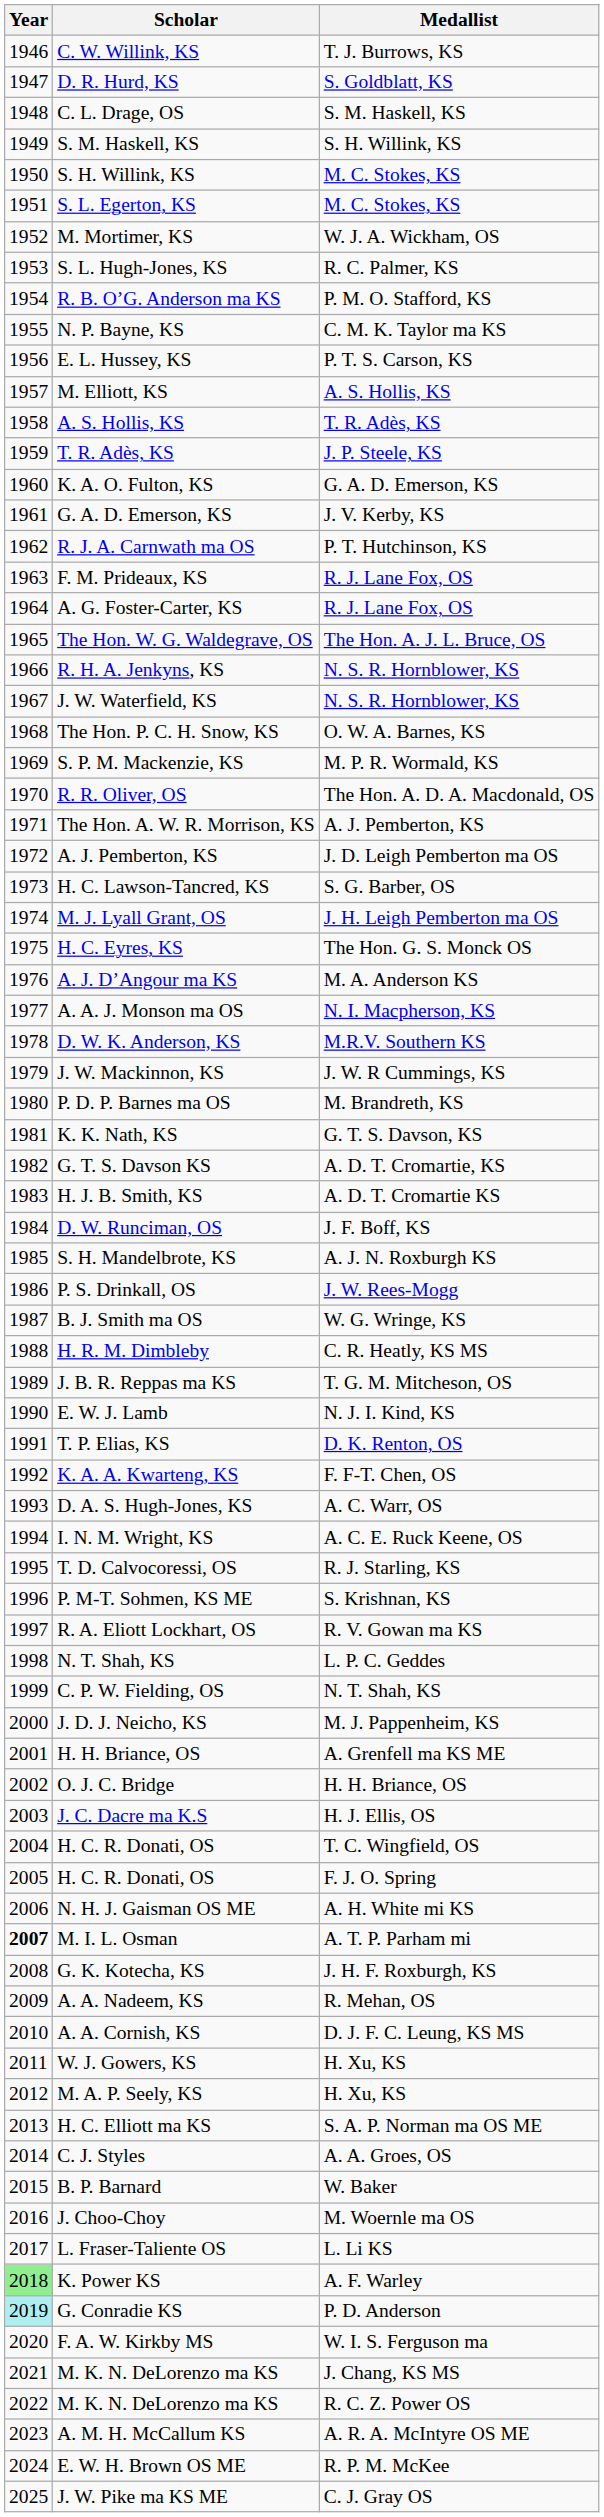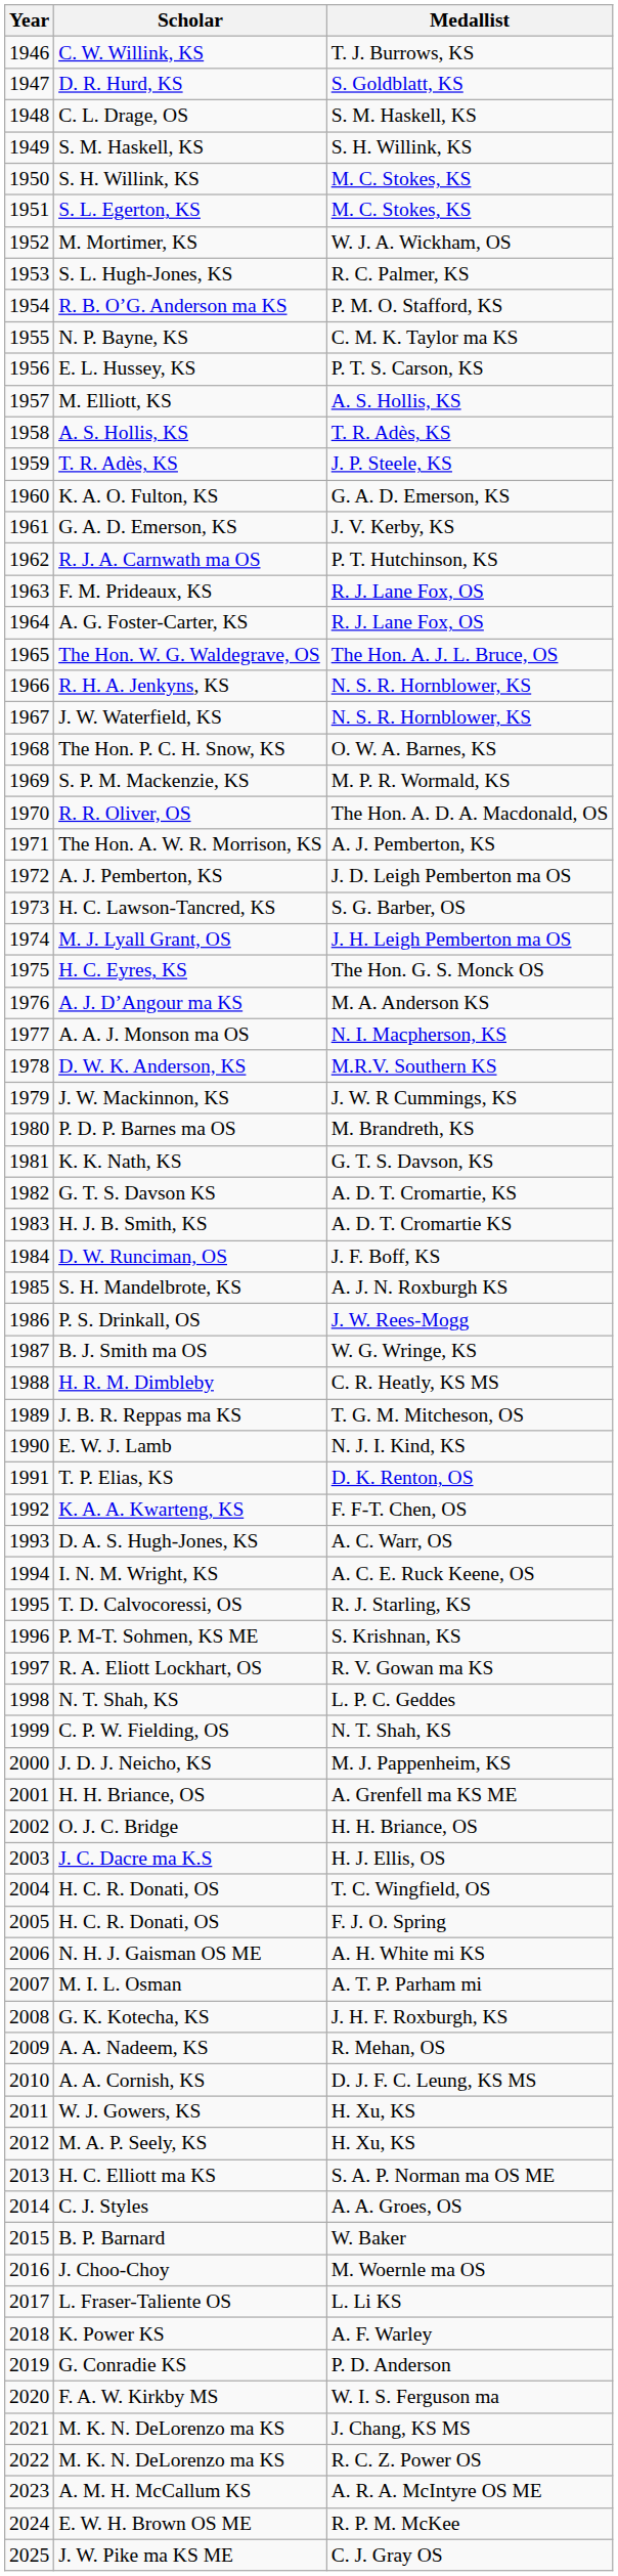 <table class="wikitable">
 <tr>
 <th>Year</th>
 <th>Scholar</th>
 <th>Medallist</th>
 </tr>
 <tr>
 <td>1946</td>
 <td><a href='#'>C. W. Willink, KS</a></td>
 <td>T. J. Burrows, KS</td>
 </tr>
 <tr>
 <td>1947</td>
 <td><a href='#'>D. R. Hurd, KS</a></td>
 <td><a href='#'>S. Goldblatt, KS</a></td>
 </tr>
 <tr>
 <td>1948</td>
 <td>C. L. Drage, OS</td>
 <td>S. M. Haskell, KS</td>
 </tr>
 <tr>
 <td>1949</td>
 <td>S. M. Haskell, KS</td>
 <td>S. H. Willink, KS</td>
 </tr>
 <tr>
 <td>1950</td>
 <td>S. H. Willink, KS</td>
 <td><a href='#'>M. C. Stokes, KS</a></td>
 </tr>
 <tr>
 <td>1951</td>
 <td><a href='#'>S. L. Egerton, KS</a></td>
 <td><a href='#'>M. C. Stokes, KS</a></td>
 </tr>
 <tr>
 <td>1952</td>
 <td>M. Mortimer, KS</td>
 <td>W. J. A. Wickham, OS</td>
 </tr>
 <tr>
 <td>1953</td>
 <td>S. L. Hugh-Jones, KS</td>
 <td>R. C. Palmer, KS</td>
 </tr>
 <tr>
 <td>1954</td>
 <td><a href='#'>R. B. O’G. Anderson ma KS</a></td>
 <td>P. M. O. Stafford, KS</td>
 </tr>
 <tr>
 <td>1955</td>
 <td>N. P. Bayne, KS</td>
 <td>C. M. K. Taylor ma KS</td>
 </tr>
 <tr>
 <td>1956</td>
 <td>E. L. Hussey, KS</td>
 <td>P. T. S. Carson, KS</td>
 </tr>
 <tr>
 <td>1957</td>
 <td>M. Elliott, KS</td>
 <td><a href='#'>A. S. Hollis, KS</a></td>
 </tr>
 <tr>
 <td>1958</td>
 <td><a href='#'>A. S. Hollis, KS</a></td>
 <td><a href='#'>T. R. Adès, KS</a></td>
 </tr>
 <tr>
 <td>1959</td>
 <td><a href='#'>T. R. Adès, KS</a></td>
 <td><a href='#'>J. P. Steele, KS</a></td>
 </tr>
 <tr>
 <td>1960</td>
 <td>K. A. O. Fulton, KS</td>
 <td>G. A. D. Emerson, KS</td>
 </tr>
 <tr>
 <td>1961</td>
 <td>G. A. D. Emerson, KS</td>
 <td>J. V. Kerby, KS</td>
 </tr>
 <tr>
 <td>1962</td>
 <td><a href='#'>R. J. A. Carnwath ma OS</a></td>
 <td>P. T. Hutchinson, KS</td>
 </tr>
 <tr>
 <td>1963</td>
 <td>F. M. Prideaux, KS</td>
 <td><a href='#'>R. J. Lane Fox, OS</a></td>
 </tr>
 <tr>
 <td>1964</td>
 <td>A. G. Foster-Carter, KS</td>
 <td><a href='#'>R. J. Lane Fox, OS</a></td>
 </tr>
 <tr>
 <td>1965</td>
 <td><a href='#'>The Hon. W. G. Waldegrave, OS</a></td>
 <td><a href='#'>The Hon. A. J. L. Bruce, OS</a></td>
 </tr>
 <tr>
 <td>1966</td>
 <td><a href='#'>R. H. A. Jenkyns</a>, KS</td>
 <td><a href='#'>N. S. R. Hornblower, KS</a></td>
 </tr>
 <tr>
 <td>1967</td>
 <td>J. W. Waterfield, KS</td>
 <td><a href='#'>N. S. R. Hornblower, KS</a></td>
 </tr>
 <tr>
 <td>1968</td>
 <td>The Hon. P. C. H. Snow, KS</td>
 <td>O. W. A. Barnes, KS</td>
 </tr>
 <tr>
 <td>1969</td>
 <td>S. P. M. Mackenzie, KS</td>
 <td>M. P. R. Wormald, KS</td>
 </tr>
 <tr>
 <td>1970</td>
 <td><a href='#'>R. R. Oliver, OS</a></td>
 <td>The Hon. A. D. A. Macdonald, OS</td>
 </tr>
 <tr>
 <td>1971</td>
 <td>The Hon. A. W. R. Morrison, KS</td>
 <td>A. J. Pemberton, KS</td>
 </tr>
 <tr>
 <td>1972</td>
 <td>A. J. Pemberton, KS</td>
 <td>J. D. Leigh Pemberton ma OS</td>
 </tr>
 <tr>
 <td>1973</td>
 <td>H. C. Lawson-Tancred, KS</td>
 <td>S. G. Barber, OS</td>
 </tr>
 <tr>
 <td>1974</td>
 <td><a href='#'>M. J. Lyall Grant, OS</a></td>
 <td><a href='#'>J. H. Leigh Pemberton ma OS</a></td>
 </tr>
 <tr>
 <td>1975</td>
 <td><a href='#'>H. C. Eyres, KS</a></td>
 <td>The Hon. G. S. Monck OS</td>
 </tr>
 <tr>
 <td>1976</td>
 <td><a href='#'>A. J. D’Angour ma KS</a></td>
 <td>M. A. Anderson KS</td>
 </tr>
 <tr>
 <td>1977</td>
 <td>A. A. J. Monson ma OS</td>
 <td><a href='#'>N. I. Macpherson, KS</a></td>
 </tr>
 <tr>
 <td>1978</td>
 <td><a href='#'>D. W. K. Anderson, KS</a></td>
 <td><a href='#'>M.R.V. Southern KS</a></td>
 </tr>
 <tr>
 <td>1979</td>
 <td>J. W. Mackinnon, KS</td>
 <td>J. W. R Cummings, KS</td>
 </tr>
 <tr>
 <td>1980</td>
 <td>P. D. P. Barnes ma OS</td>
 <td>M. Brandreth, KS</td>
 </tr>
 <tr>
 <td>1981</td>
 <td>K. K. Nath, KS</td>
 <td>G. T. S. Davson, KS</td>
 </tr>
 <tr>
 <td>1982</td>
 <td>G. T. S. Davson KS</td>
 <td>A. D. T. Cromartie, KS</td>
 </tr>
 <tr>
 <td>1983</td>
 <td>H. J. B. Smith, KS</td>
 <td>A. D. T. Cromartie KS</td>
 </tr>
 <tr>
 <td>1984</td>
 <td><a href='#'>D. W. Runciman, OS</a></td>
 <td>J. F. Boff, KS</td>
 </tr>
 <tr>
 <td>1985</td>
 <td>S. H. Mandelbrote, KS</td>
 <td>A. J. N. Roxburgh KS</td>
 </tr>
 <tr>
 <td>1986</td>
 <td>P. S. Drinkall, OS</td>
 <td><a href='#'>J. W. Rees-Mogg</a></td>
 </tr>
 <tr>
 <td>1987</td>
 <td>B. J. Smith ma OS</td>
 <td>W. G. Wringe, KS</td>
 </tr>
 <tr>
 <td>1988</td>
 <td><a href='#'>H. R. M. Dimbleby</a></td>
 <td>C. R. Heatly, KS MS</td>
 </tr>
 <tr>
 <td>1989</td>
 <td>J. B. R. Reppas ma KS</td>
 <td>T. G. M. Mitcheson, OS</td>
 </tr>
 <tr>
 <td>1990</td>
 <td>E. W. J. Lamb</td>
 <td>N. J. I. Kind, KS</td>
 </tr>
 <tr>
 <td>1991</td>
 <td>T. P. Elias, KS</td>
 <td><a href='#'>D. K. Renton, OS</a></td>
 </tr>
 <tr>
 <td>1992</td>
 <td><a href='#'>K. A. A. Kwarteng, KS</a></td>
 <td>F. F-T. Chen, OS</td>
 </tr>
 <tr>
 <td>1993</td>
 <td>D. A. S. Hugh-Jones, KS</td>
 <td>A. C. Warr, OS</td>
 </tr>
 <tr>
 <td>1994</td>
 <td>I. N. M. Wright, KS</td>
 <td>A. C. E. Ruck Keene, OS</td>
 </tr>
 <tr>
 <td>1995</td>
 <td>T. D. Calvocoressi, OS</td>
 <td>R. J. Starling, KS</td>
 </tr>
 <tr>
 <td>1996</td>
 <td>P. M-T. Sohmen, KS ME</td>
 <td>S. Krishnan, KS</td>
 </tr>
 <tr>
 <td>1997</td>
 <td>R. A. Eliott Lockhart, OS</td>
 <td>R. V. Gowan ma KS</td>
 </tr>
 <tr>
 <td>1998</td>
 <td>N. T. Shah, KS</td>
 <td>L. P. C. Geddes</td>
 </tr>
 <tr>
 <td>1999</td>
 <td>C. P. W. Fielding, OS</td>
 <td>N. T. Shah, KS</td>
 </tr>
 <tr>
 <td>2000</td>
 <td>J. D. J. Neicho, KS</td>
 <td>M. J. Pappenheim, KS</td>
 </tr>
 <tr>
 <td>2001</td>
 <td>H. H. Briance, OS</td>
 <td>A. Grenfell ma KS ME</td>
 </tr>
 <tr>
 <td>2002</td>
 <td>O. J. C. Bridge</td>
 <td>H. H. Briance, OS</td>
 </tr>
 <tr>
 <td>2003</td>
 <td><a href='#'>J. C. Dacre ma K.S</a></td>
 <td>H. J. Ellis, OS</td>
 </tr>
 <tr>
 <td>2004</td>
 <td>H. C. R. Donati, OS</td>
 <td>T. C. Wingfield, OS</td>
 </tr>
 <tr>
 <td>2005</td>
 <td>H. C. R. Donati, OS</td>
 <td>F. J. O. Spring</td>
 </tr>
 <tr>
 <td>2006</td>
 <td>N. H. J. Gaisman OS ME</td>
 <td>A. H. White mi KS</td>
 </tr>
 <tr>
-<td><strong>2007</strong></td>
+<td>2007</td>
 <td>M. I. L. Osman</td>
 <td>A. T. P. Parham mi</td>
 </tr>
 <tr>
 <td>2008</td>
 <td>G. K. Kotecha, KS</td>
 <td>J. H. F. Roxburgh, KS</td>
 </tr>
 <tr>
 <td>2009</td>
 <td>A. A. Nadeem, KS</td>
 <td>R. Mehan, OS</td>
 </tr>
 <tr>
 <td>2010</td>
 <td>A. A. Cornish, KS</td>
 <td>D. J. F. C. Leung, KS MS</td>
 </tr>
 <tr>
 <td>2011</td>
 <td>W. J. Gowers, KS</td>
 <td>H. Xu, KS</td>
 </tr>
 <tr>
 <td>2012</td>
 <td>M. A. P. Seely, KS</td>
 <td>H. Xu, KS</td>
 </tr>
 <tr>
 <td>2013</td>
 <td>H. C. Elliott ma KS</td>
 <td>S. A. P. Norman ma OS ME</td>
 </tr>
 <tr>
 <td>2014</td>
 <td>C. J. Styles</td>
 <td>A. A. Groes, OS</td>
 </tr>
 <tr>
 <td>2015</td>
 <td>B. P. Barnard</td>
 <td>W. Baker</td>
 </tr>
 <tr>
 <td>2016</td>
 <td>J. Choo-Choy</td>
 <td>M. Woernle ma OS</td>
 </tr>
 <tr>
 <td>2017</td>
 <td>L. Fraser-Taliente OS</td>
 <td>L. Li KS</td>
 </tr>
 <tr>
-<td style="background: lightgreen;">2018</td>
+<td>2018</td>
 <td>K. Power KS</td>
 <td>A. F. Warley</td>
 </tr>
 <tr>
-<td style="background: paleturquoise;">2019</td>
+<td>2019</td>
 <td>G. Conradie KS</td>
 <td>P. D. Anderson</td>
 </tr>
 <tr>
 <td>2020</td>
 <td>F. A. W. Kirkby MS</td>
 <td>W. I. S. Ferguson ma</td>
 </tr>
 <tr>
 <td>2021</td>
 <td>M. K. N. DeLorenzo ma KS</td>
 <td>J. Chang, KS MS</td>
 </tr>
 <tr>
 <td>2022</td>
 <td>M. K. N. DeLorenzo ma KS</td>
 <td>R. C. Z. Power OS</td>
 </tr>
 <tr>
 <td>2023</td>
 <td>A. M. H. McCallum KS</td>
 <td>A. R. A. McIntyre OS ME</td>
 </tr>
 <tr>
 <td>2024</td>
 <td>E. W. H. Brown OS ME</td>
 <td>R. P. M. McKee</td>
 </tr>
 <tr>
 <td>2025</td>
 <td>J. W. Pike ma KS ME</td>
 <td>C. J. Gray OS</td>
 </tr>
 </table>
